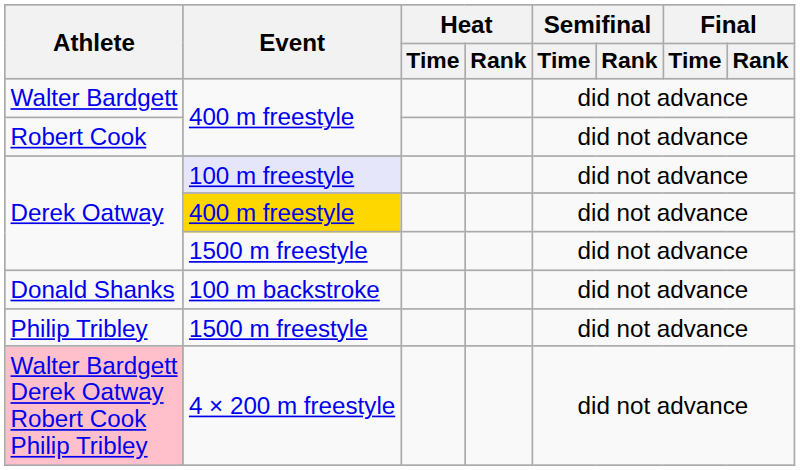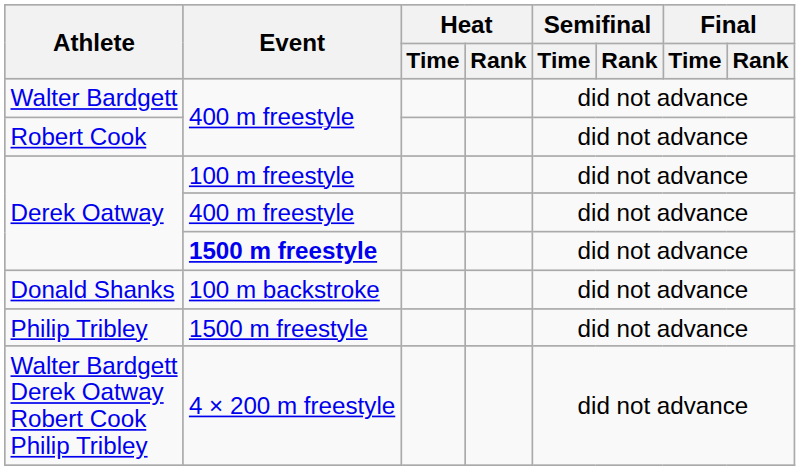 <table class=wikitable style="font-size:90%">
 <tr>
 <th rowspan="2">Athlete</th>
 <th rowspan="2">Event</th>
 <th colspan="2">Heat</th>
 <th colspan="2">Semifinal</th>
 <th colspan="2">Final</th>
 </tr>
 <tr style="font-size:95%">
 <th>Time</th>
 <th>Rank</th>
 <th>Time</th>
 <th>Rank</th>
 <th>Time</th>
 <th>Rank</th>
 </tr>
 <tr align=center>
 <td align=left><a href='#'>Walter Bardgett</a></td>
 <td align=left rowspan=2><a href='#'>400 m freestyle</a></td>
 <td></td>
 <td></td>
 <td colspan=4>did not advance</td>
 </tr>
 <tr align=center>
 <td align=left><a href='#'>Robert Cook</a></td>
 <td></td>
 <td></td>
 <td colspan=4>did not advance</td>
 </tr>
 <tr align=center>
 <td align=left rowspan=3><a href='#'>Derek Oatway</a></td>
-<td align=left style="background: lavender;"><a href='#'>100 m freestyle</a></td>
+<td align=left><a href='#'>100 m freestyle</a></td>
 <td></td>
 <td></td>
 <td colspan=4>did not advance</td>
 </tr>
 <tr align=center>
-<td align=left style="background: gold;"><a href='#'>400 m freestyle</a></td>
+<td align=left><a href='#'>400 m freestyle</a></td>
 <td></td>
 <td></td>
 <td colspan=4>did not advance</td>
 </tr>
 <tr align=center>
-<td align=left><a href='#'>1500 m freestyle</a></td>
+<td align=left><strong><a href='#'>1500 m freestyle</a></strong></td>
 <td></td>
 <td></td>
 <td colspan=4>did not advance</td>
 </tr>
 <tr align=center>
 <td align=left><a href='#'>Donald Shanks</a></td>
 <td align=left><a href='#'>100 m backstroke</a></td>
 <td></td>
 <td></td>
 <td colspan=4>did not advance</td>
 </tr>
 <tr align=center>
 <td align=left><a href='#'>Philip Tribley</a></td>
 <td align=left><a href='#'>1500 m freestyle</a></td>
 <td></td>
 <td></td>
 <td colspan=4>did not advance</td>
 </tr>
 <tr align=center>
-<td align=left style="background: pink;"><a href='#'>Walter Bardgett</a><br><a href='#'>Derek Oatway</a><br><a href='#'>Robert Cook</a><br><a href='#'>Philip Tribley</a></td>
+<td align=left><a href='#'>Walter Bardgett</a><br><a href='#'>Derek Oatway</a><br><a href='#'>Robert Cook</a><br><a href='#'>Philip Tribley</a></td>
 <td align=left><a href='#'>4 × 200 m freestyle</a></td>
 <td></td>
 <td></td>
 <td colspan=4>did not advance</td>
 </tr>
 </table>
